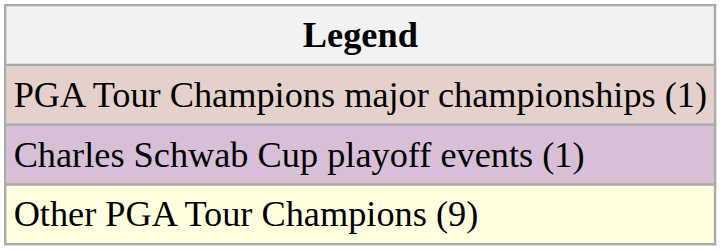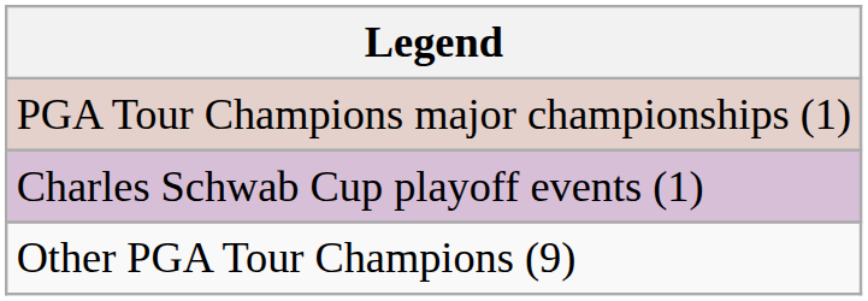 <table class="wikitable" style="font-size:95%;">
 <tr>
 <th>Legend</th>
 </tr>
 <tr style="background:#e5d1cb;">
 <td>PGA Tour Champions major championships (1)</td>
 </tr>
 <tr style="background:thistle">
 <td>Charles Schwab Cup playoff events (1)</td>
 </tr>
 <tr>
-<td style="background: lightyellow;">Other PGA Tour Champions (9)</td>
+<td>Other PGA Tour Champions (9)</td>
 </tr>
 </table>
